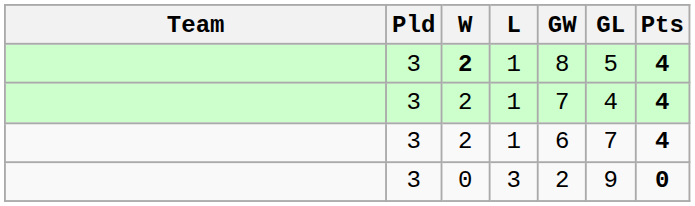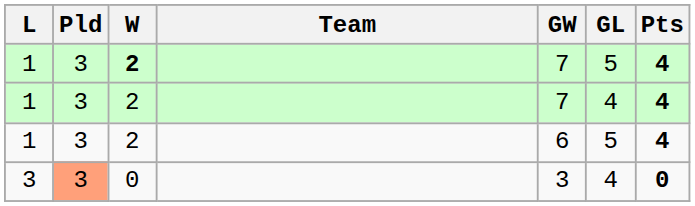 <table class="wikitable" style="text-align:center">
 <tr>
-<th width=200>Team</th>
+<th width=20>L</th>
 <th width=20>Pld</th>
 <th width=20>W</th>
-<th width=20>L</th>
+<th width=200>Team</th>
 <th width=20>GW</th>
 <th width=20>GL</th>
 <th width=20>Pts</th>
 </tr>
 <tr bgcolor=#ccffcc>
-<td style="text-align:left;"></td>
+<td>1</td>
 <td>3</td>
 <td><strong>2</strong></td>
-<td>1</td>
-<td>8</td>
+<td style="text-align:left;"></td>
+<td>7</td>
 <td>5</td>
 <td><strong>4</strong></td>
 </tr>
 <tr bgcolor=#ccffcc>
-<td style="text-align:left;"></td>
+<td>1</td>
 <td>3</td>
 <td>2</td>
-<td>1</td>
+<td style="text-align:left;"></td>
 <td>7</td>
 <td>4</td>
 <td><strong>4</strong></td>
 </tr>
 <tr>
-<td style="text-align:left;"></td>
+<td>1</td>
 <td>3</td>
 <td>2</td>
-<td>1</td>
+<td style="text-align:left;"></td>
 <td>6</td>
-<td>7</td>
+<td>5</td>
 <td><strong>4</strong></td>
 </tr>
 <tr>
+<td>3</td>
+<td style="background: lightsalmon;">3</td>
+<td>0</td>
 <td style="text-align:left;"></td>
 <td>3</td>
-<td>0</td>
-<td>3</td>
-<td>2</td>
-<td>9</td>
+<td>4</td>
 <td><strong>0</strong></td>
 </tr>
 </table>
